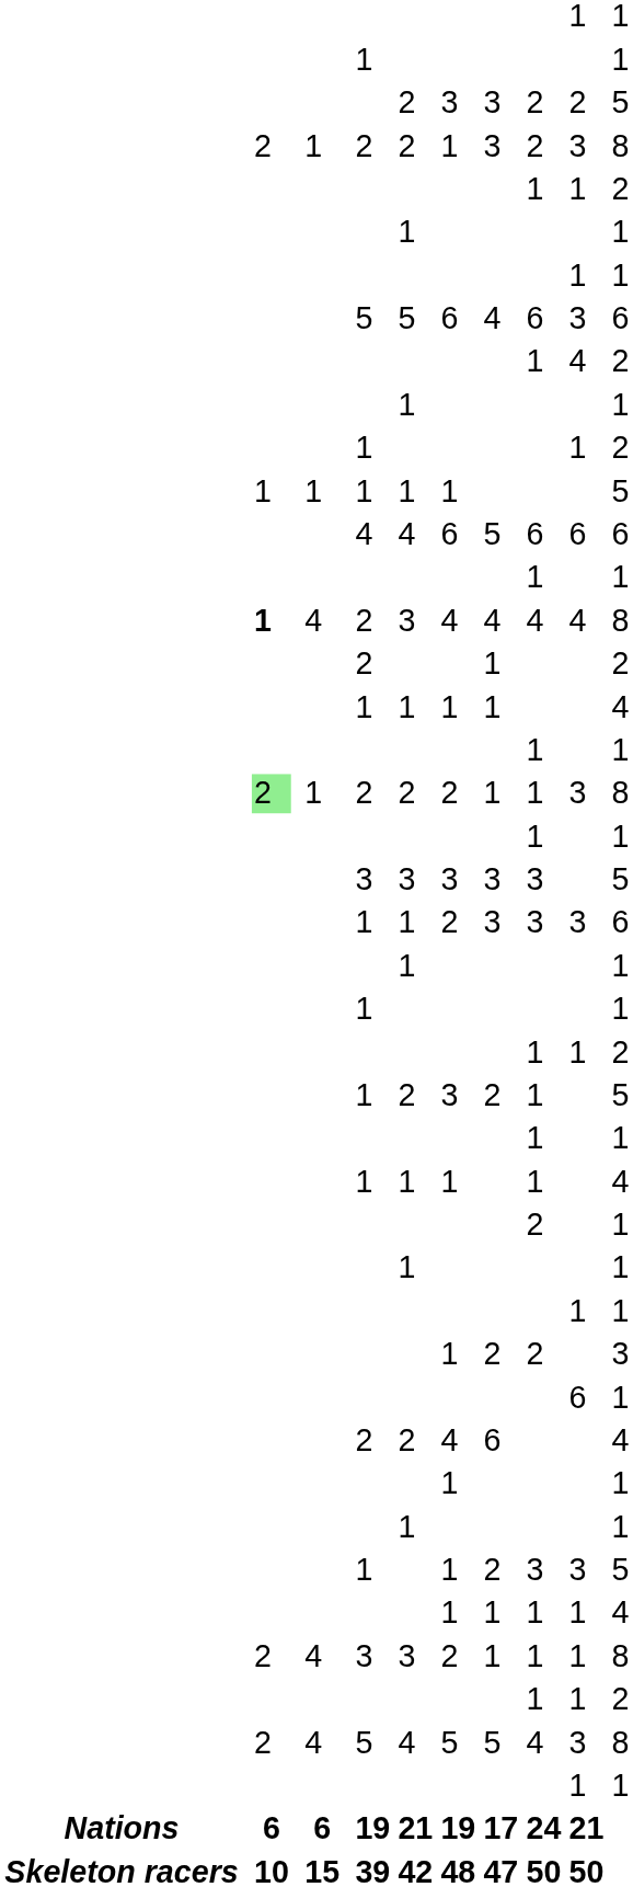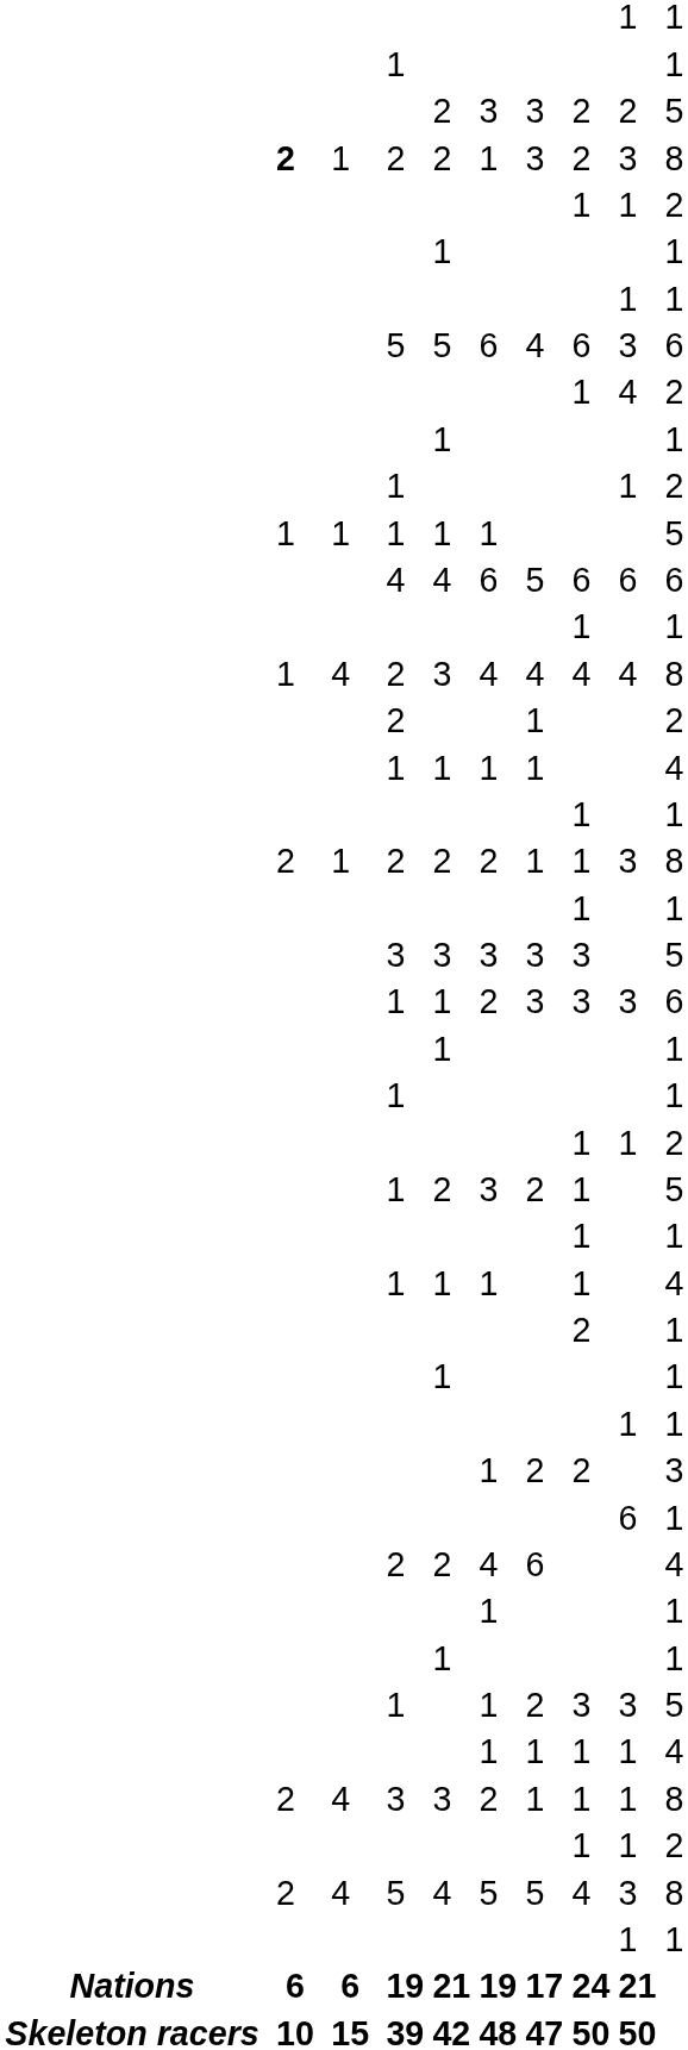 <table>
 <tr>
 <td align=left></td>
 <td></td>
 <td></td>
 <td colspan=2></td>
 <td></td>
 <td colspan=13></td>
 <td></td>
 <td></td>
 <td></td>
 <td></td>
 <td></td>
 <td>1</td>
 <td>1</td>
 </tr>
 <tr>
 <td align=left></td>
 <td></td>
 <td></td>
 <td colspan=2></td>
 <td></td>
 <td colspan=13></td>
 <td>1</td>
 <td></td>
 <td></td>
 <td></td>
 <td></td>
 <td></td>
 <td>1</td>
 </tr>
 <tr>
 <td align=left></td>
 <td></td>
 <td></td>
 <td colspan=2></td>
 <td></td>
 <td colspan=13></td>
 <td></td>
 <td>2</td>
 <td>3</td>
 <td>3</td>
 <td>2</td>
 <td>2</td>
 <td>5</td>
 </tr>
 <tr>
 <td align=left></td>
 <td></td>
-<td>2</td>
+<td><strong>2</strong></td>
 <td colspan=2></td>
 <td>1</td>
 <td colspan=13></td>
 <td>2</td>
 <td>2</td>
 <td>1</td>
 <td>3</td>
 <td>2</td>
 <td>3</td>
 <td>8</td>
 </tr>
 <tr>
 <td align=left></td>
 <td></td>
 <td></td>
 <td colspan=2></td>
 <td></td>
 <td colspan=13></td>
 <td></td>
 <td></td>
 <td></td>
 <td></td>
 <td>1</td>
 <td>1</td>
 <td>2</td>
 </tr>
 <tr>
 <td align=left></td>
 <td></td>
 <td></td>
 <td colspan=2></td>
 <td></td>
 <td colspan=13></td>
 <td></td>
 <td>1</td>
 <td></td>
 <td></td>
 <td></td>
 <td></td>
 <td>1</td>
 </tr>
 <tr>
 <td align=left></td>
 <td></td>
 <td></td>
 <td colspan=2></td>
 <td></td>
 <td colspan=13></td>
 <td></td>
 <td></td>
 <td></td>
 <td></td>
 <td></td>
 <td>1</td>
 <td>1</td>
 </tr>
 <tr>
 <td align=left></td>
 <td></td>
 <td></td>
 <td colspan=2></td>
 <td></td>
 <td colspan=13></td>
 <td>5</td>
 <td>5</td>
 <td>6</td>
 <td>4</td>
 <td>6</td>
 <td>3</td>
 <td>6</td>
 </tr>
 <tr>
 <td align=left></td>
 <td></td>
 <td></td>
 <td colspan=2></td>
 <td></td>
 <td colspan=13></td>
 <td></td>
 <td></td>
 <td></td>
 <td></td>
 <td>1</td>
 <td>4</td>
 <td>2</td>
 </tr>
 <tr>
 <td align=left></td>
 <td></td>
 <td></td>
 <td colspan=2></td>
 <td></td>
 <td colspan=13></td>
 <td></td>
 <td>1</td>
 <td></td>
 <td></td>
 <td></td>
 <td></td>
 <td>1</td>
 </tr>
 <tr>
 <td align=left></td>
 <td></td>
 <td></td>
 <td colspan=2></td>
 <td></td>
 <td colspan=13></td>
 <td>1</td>
 <td></td>
 <td></td>
 <td></td>
 <td></td>
 <td>1</td>
 <td>2</td>
 </tr>
 <tr>
 <td align=left></td>
 <td></td>
 <td>1</td>
 <td colspan=2></td>
 <td>1</td>
 <td colspan=13></td>
 <td>1</td>
 <td>1</td>
 <td>1</td>
 <td></td>
 <td></td>
 <td></td>
 <td>5</td>
 </tr>
 <tr>
 <td align=left></td>
 <td></td>
 <td></td>
 <td colspan=2></td>
 <td></td>
 <td colspan=13></td>
 <td>4</td>
 <td>4</td>
 <td>6</td>
 <td>5</td>
 <td>6</td>
 <td>6</td>
 <td>6</td>
 </tr>
 <tr>
 <td align=left></td>
 <td></td>
 <td></td>
 <td colspan=2></td>
 <td></td>
 <td colspan=13></td>
 <td></td>
 <td></td>
 <td></td>
 <td></td>
 <td>1</td>
 <td></td>
 <td>1</td>
 </tr>
 <tr>
 <td align=left></td>
 <td></td>
-<td><strong>1</strong></td>
+<td>1</td>
 <td colspan=2></td>
 <td>4</td>
 <td colspan=13></td>
 <td>2</td>
 <td>3</td>
 <td>4</td>
 <td>4</td>
 <td>4</td>
 <td>4</td>
 <td>8</td>
 </tr>
 <tr>
 <td align=left></td>
 <td></td>
 <td></td>
 <td colspan=2></td>
 <td></td>
 <td colspan=13></td>
 <td>2</td>
 <td></td>
 <td></td>
 <td>1</td>
 <td></td>
 <td></td>
 <td>2</td>
 </tr>
 <tr>
 <td align=left></td>
 <td></td>
 <td></td>
 <td colspan=2></td>
 <td></td>
 <td colspan=13></td>
 <td>1</td>
 <td>1</td>
 <td>1</td>
 <td>1</td>
 <td></td>
 <td></td>
 <td>4</td>
 </tr>
 <tr>
 <td align=left></td>
 <td></td>
 <td></td>
 <td colspan=2></td>
 <td></td>
 <td colspan=13></td>
 <td></td>
 <td></td>
 <td></td>
 <td></td>
 <td>1</td>
 <td></td>
 <td>1</td>
 </tr>
 <tr>
 <td align=left></td>
 <td></td>
-<td style="background: lightgreen;">2</td>
+<td>2</td>
 <td colspan=2></td>
 <td>1</td>
 <td colspan=13></td>
 <td>2</td>
 <td>2</td>
 <td>2</td>
 <td>1</td>
 <td>1</td>
 <td>3</td>
 <td>8</td>
 </tr>
 <tr>
 <td align=left></td>
 <td></td>
 <td></td>
 <td colspan=2></td>
 <td></td>
 <td colspan=13></td>
 <td></td>
 <td></td>
 <td></td>
 <td></td>
 <td>1</td>
 <td></td>
 <td>1</td>
 </tr>
 <tr>
 <td align=left></td>
 <td></td>
 <td></td>
 <td colspan=2></td>
 <td></td>
 <td colspan=13></td>
 <td>3</td>
 <td>3</td>
 <td>3</td>
 <td>3</td>
 <td>3</td>
 <td></td>
 <td>5</td>
 </tr>
 <tr>
 <td align=left></td>
 <td></td>
 <td></td>
 <td colspan=2></td>
 <td></td>
 <td colspan=13></td>
 <td>1</td>
 <td>1</td>
 <td>2</td>
 <td>3</td>
 <td>3</td>
 <td>3</td>
 <td>6</td>
 </tr>
 <tr>
 <td align=left></td>
 <td></td>
 <td></td>
 <td colspan=2></td>
 <td></td>
 <td colspan=13></td>
 <td></td>
 <td>1</td>
 <td></td>
 <td></td>
 <td></td>
 <td></td>
 <td>1</td>
 </tr>
 <tr>
 <td align=left></td>
 <td></td>
 <td></td>
 <td colspan=2></td>
 <td></td>
 <td colspan=13></td>
 <td>1</td>
 <td></td>
 <td></td>
 <td></td>
 <td></td>
 <td></td>
 <td>1</td>
 </tr>
 <tr>
 <td align=left></td>
 <td></td>
 <td></td>
 <td colspan=2></td>
 <td></td>
 <td colspan=13></td>
 <td></td>
 <td></td>
 <td></td>
 <td></td>
 <td>1</td>
 <td>1</td>
 <td>2</td>
 </tr>
 <tr>
 <td align=left></td>
 <td></td>
 <td></td>
 <td colspan=2></td>
 <td></td>
 <td colspan=13></td>
 <td>1</td>
 <td>2</td>
 <td>3</td>
 <td>2</td>
 <td>1</td>
 <td></td>
 <td>5</td>
 </tr>
 <tr>
 <td align=left></td>
 <td></td>
 <td></td>
 <td colspan=2></td>
 <td></td>
 <td colspan=13></td>
 <td></td>
 <td></td>
 <td></td>
 <td></td>
 <td>1</td>
 <td></td>
 <td>1</td>
 </tr>
 <tr>
 <td align=left></td>
 <td></td>
 <td></td>
 <td colspan=2></td>
 <td></td>
 <td colspan=13></td>
 <td>1</td>
 <td>1</td>
 <td>1</td>
 <td></td>
 <td>1</td>
 <td></td>
 <td>4</td>
 </tr>
 <tr>
 <td align=left></td>
 <td></td>
 <td></td>
 <td colspan=2></td>
 <td></td>
 <td colspan=13></td>
 <td></td>
 <td></td>
 <td></td>
 <td></td>
 <td>2</td>
 <td></td>
 <td>1</td>
 </tr>
 <tr>
 <td align=left></td>
 <td></td>
 <td></td>
 <td colspan=2></td>
 <td></td>
 <td colspan=13></td>
 <td></td>
 <td>1</td>
 <td></td>
 <td></td>
 <td></td>
 <td></td>
 <td>1</td>
 </tr>
 <tr>
 <td align=left></td>
 <td></td>
 <td></td>
 <td colspan=2></td>
 <td></td>
 <td colspan=13></td>
 <td></td>
 <td></td>
 <td></td>
 <td></td>
 <td></td>
 <td>1</td>
 <td>1</td>
 </tr>
 <tr>
 <td align=left></td>
 <td></td>
 <td></td>
 <td colspan=2></td>
 <td></td>
 <td colspan=13></td>
 <td></td>
 <td></td>
 <td>1</td>
 <td>2</td>
 <td>2</td>
 <td></td>
 <td>3</td>
 </tr>
 <tr>
 <td align=left></td>
 <td></td>
 <td></td>
 <td colspan=2></td>
 <td></td>
 <td colspan=13></td>
 <td></td>
 <td></td>
 <td></td>
 <td></td>
 <td></td>
 <td>6</td>
 <td>1</td>
 </tr>
 <tr>
 <td align=left></td>
 <td></td>
 <td></td>
 <td colspan=2></td>
 <td></td>
 <td colspan=13></td>
 <td>2</td>
 <td>2</td>
 <td>4</td>
 <td>6</td>
 <td></td>
 <td></td>
 <td>4</td>
 </tr>
 <tr>
 <td align=left></td>
 <td></td>
 <td></td>
 <td colspan=2></td>
 <td></td>
 <td colspan=13></td>
 <td></td>
 <td></td>
 <td>1</td>
 <td></td>
 <td></td>
 <td></td>
 <td>1</td>
 </tr>
 <tr>
 <td align=left></td>
 <td></td>
 <td></td>
 <td colspan=2></td>
 <td></td>
 <td colspan=13></td>
 <td></td>
 <td>1</td>
 <td></td>
 <td></td>
 <td></td>
 <td></td>
 <td>1</td>
 </tr>
 <tr>
 <td align=left></td>
 <td></td>
 <td></td>
 <td colspan=2></td>
 <td></td>
 <td colspan=13></td>
 <td>1</td>
 <td></td>
 <td>1</td>
 <td>2</td>
 <td>3</td>
 <td>3</td>
 <td>5</td>
 </tr>
 <tr>
 <td align=left></td>
 <td></td>
 <td></td>
 <td colspan=2></td>
 <td></td>
 <td colspan=13></td>
 <td></td>
 <td></td>
 <td>1</td>
 <td>1</td>
 <td>1</td>
 <td>1</td>
 <td>4</td>
 </tr>
 <tr>
 <td align=left></td>
 <td></td>
 <td>2</td>
 <td colspan=2></td>
 <td>4</td>
 <td colspan=13></td>
 <td>3</td>
 <td>3</td>
 <td>2</td>
 <td>1</td>
 <td>1</td>
 <td>1</td>
 <td>8</td>
 </tr>
 <tr>
 <td align=left></td>
 <td></td>
 <td></td>
 <td colspan=2></td>
 <td></td>
 <td colspan=13></td>
 <td></td>
 <td></td>
 <td></td>
 <td></td>
 <td>1</td>
 <td>1</td>
 <td>2</td>
 </tr>
 <tr>
 <td align=left></td>
 <td></td>
 <td>2</td>
 <td colspan=2></td>
 <td>4</td>
 <td colspan=13></td>
 <td>5</td>
 <td>4</td>
 <td>5</td>
 <td>5</td>
 <td>4</td>
 <td>3</td>
 <td>8</td>
 </tr>
 <tr>
 <td align=left></td>
 <td></td>
 <td></td>
 <td colspan=2></td>
 <td></td>
 <td colspan=13></td>
 <td></td>
 <td></td>
 <td></td>
 <td></td>
 <td></td>
 <td>1</td>
 <td>1</td>
 </tr>
 <tr>
 <th><em>Nations</em></th>
 <th></th>
 <th>6</th>
 <th colspan=2></th>
 <th>6</th>
 <th colspan=13></th>
 <th>19</th>
 <th>21</th>
 <th>19</th>
 <th>17</th>
 <th>24</th>
 <th>21</th>
 <th></th>
 </tr>
 <tr>
 <th><em>Skeleton racers</em></th>
 <th></th>
 <th>10</th>
 <th colspan=2></th>
 <th>15</th>
 <th colspan=13></th>
 <th>39</th>
 <th>42</th>
 <th>48</th>
 <th>47</th>
 <th>50</th>
 <th>50</th>
 <th></th>
 </tr>
 <tr>
 </tr>
 </table>
